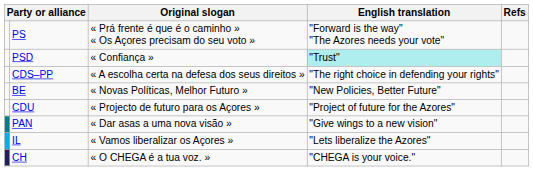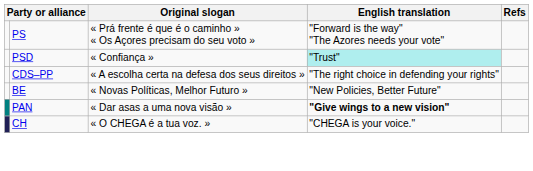 <table class="wikitable" style="font-size:97%; text-align:left;">
 <tr>
 <th style="text-align:left;" colspan="2">Party or alliance</th>
 <th>Original slogan</th>
 <th>English translation</th>
 <th>Refs</th>
 </tr>
 <tr>
 <td width="1" style="color:inherit;background:"></td>
 <td><a href='#'>PS</a></td>
 <td>« Prá frente é que é o caminho »<br>« Os Açores precisam do seu voto »</td>
 <td>"Forward is the way"<br>"The Azores needs your vote"</td>
 <td></td>
 </tr>
 <tr>
 <td style="color:inherit;background:"></td>
 <td><a href='#'>PSD</a></td>
 <td>« Confiança »</td>
 <td style="background: paleturquoise;">"Trust"</td>
 <td></td>
 </tr>
 <tr>
 <td style="color:inherit;background:"></td>
 <td><a href='#'>CDS–PP</a></td>
 <td>« A escolha certa na defesa dos seus direitos »</td>
 <td>"The right choice in defending your rights"</td>
 <td></td>
 </tr>
 <tr>
 <td style="color:inherit;background:"></td>
 <td><a href='#'>BE</a></td>
 <td>« Novas Políticas, Melhor Futuro »</td>
 <td>"New Policies, Better Future"</td>
 <td></td>
 </tr>
 <tr>
-<td style="color:inherit;background:"></td>
-<td><a href='#'>CDU</a></td>
-<td>« Projecto de futuro para os Açores »</td>
-<td>"Project of future for the Azores"</td>
-<td></td>
-</tr>
-<tr>
 <td style="background:teal;"></td>
 <td><a href='#'>PAN</a></td>
 <td>« Dar asas a uma nova visão »</td>
-<td>"Give wings to a new vision"</td>
-<td></td>
-</tr>
-<tr>
-<td style="background:#00ADEF;"></td>
-<td><a href='#'>IL</a></td>
-<td>« Vamos liberalizar os Açores »</td>
-<td>"Lets liberalize the Azores"</td>
+<td><strong>"Give wings to a new vision"</strong></td>
 <td></td>
 </tr>
 <tr>
 <td style="background:#202056;"></td>
 <td><a href='#'>CH</a></td>
 <td>« O CHEGA é a tua voz. »</td>
 <td>"CHEGA is your voice."</td>
 <td></td>
 </tr>
 </table>
